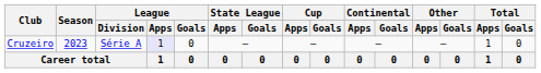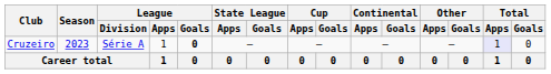 <table class="wikitable" style="text-align: center;">
 <tr>
 <th rowspan="2">Club</th>
 <th rowspan="2">Season</th>
 <th colspan="3">League</th>
 <th colspan="2">State League</th>
 <th colspan="2">Cup</th>
 <th colspan="2">Continental</th>
 <th colspan="2">Other</th>
 <th colspan="2">Total</th>
 </tr>
 <tr>
 <th>Division</th>
 <th>Apps</th>
 <th>Goals</th>
 <th>Apps</th>
 <th>Goals</th>
 <th>Apps</th>
 <th>Goals</th>
 <th>Apps</th>
 <th>Goals</th>
 <th>Apps</th>
 <th>Goals</th>
 <th>Apps</th>
 <th>Goals</th>
 </tr>
 <tr>
 <td><a href='#'>Cruzeiro</a></td>
 <td><a href='#'>2023</a></td>
 <td><a href='#'>Série A</a></td>
-<td style="background: lavender;">1</td>
-<td>0</td>
+<td>1</td>
+<td><strong>0</strong></td>
 <td colspan="2">—</td>
 <td colspan="2">—</td>
 <td colspan="2">—</td>
 <td colspan="2">—</td>
-<td>1</td>
+<td style="background: lavender;">1</td>
 <td>0</td>
 </tr>
 <tr>
 <th colspan="3"><strong>Career total</strong></th>
 <th>1</th>
 <th>0</th>
 <th>0</th>
 <th>0</th>
 <th>0</th>
 <th>0</th>
 <th>0</th>
 <th>0</th>
 <th>0</th>
 <th>0</th>
 <th>1</th>
 <th>0</th>
 </tr>
 </table>
